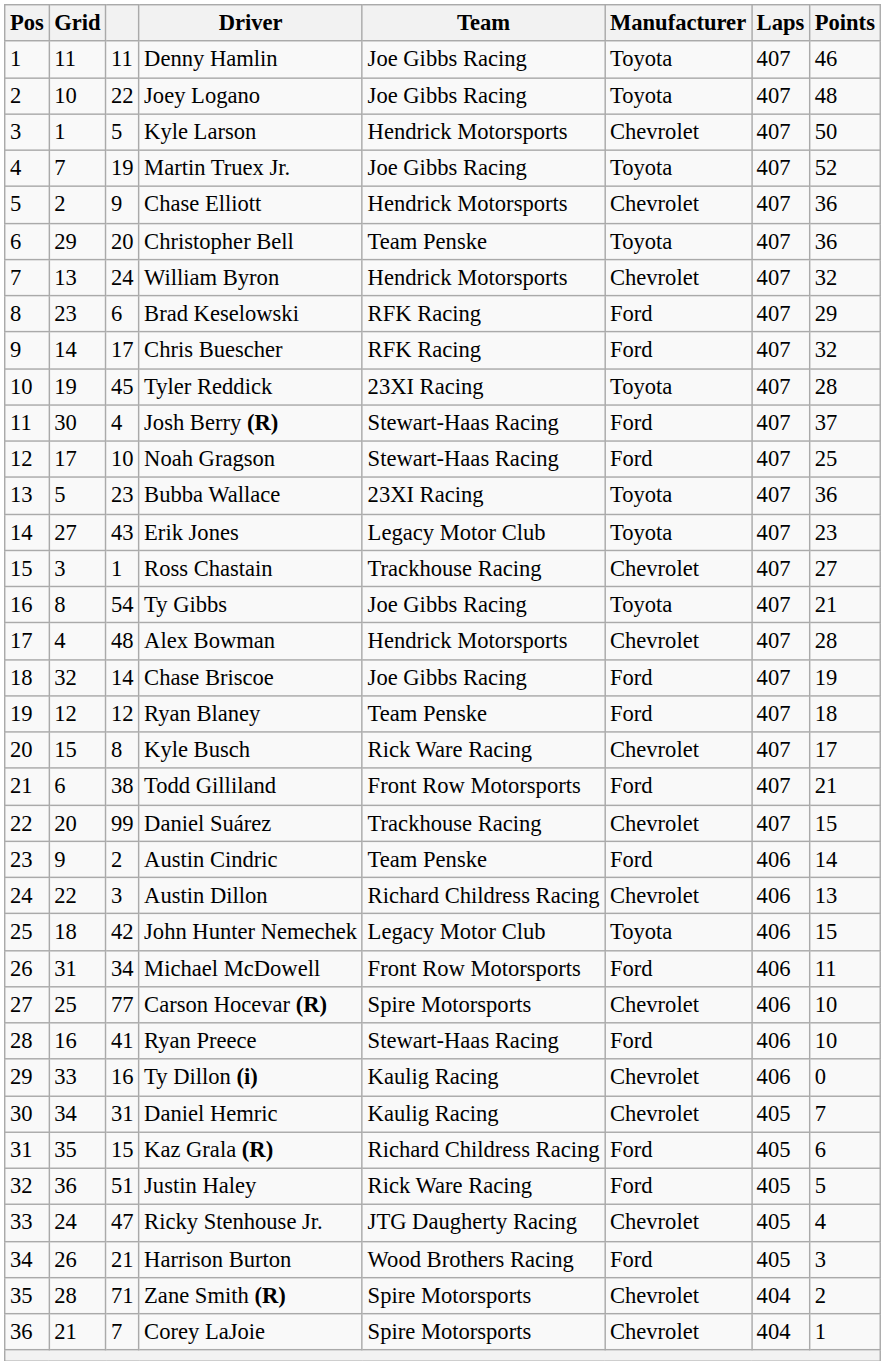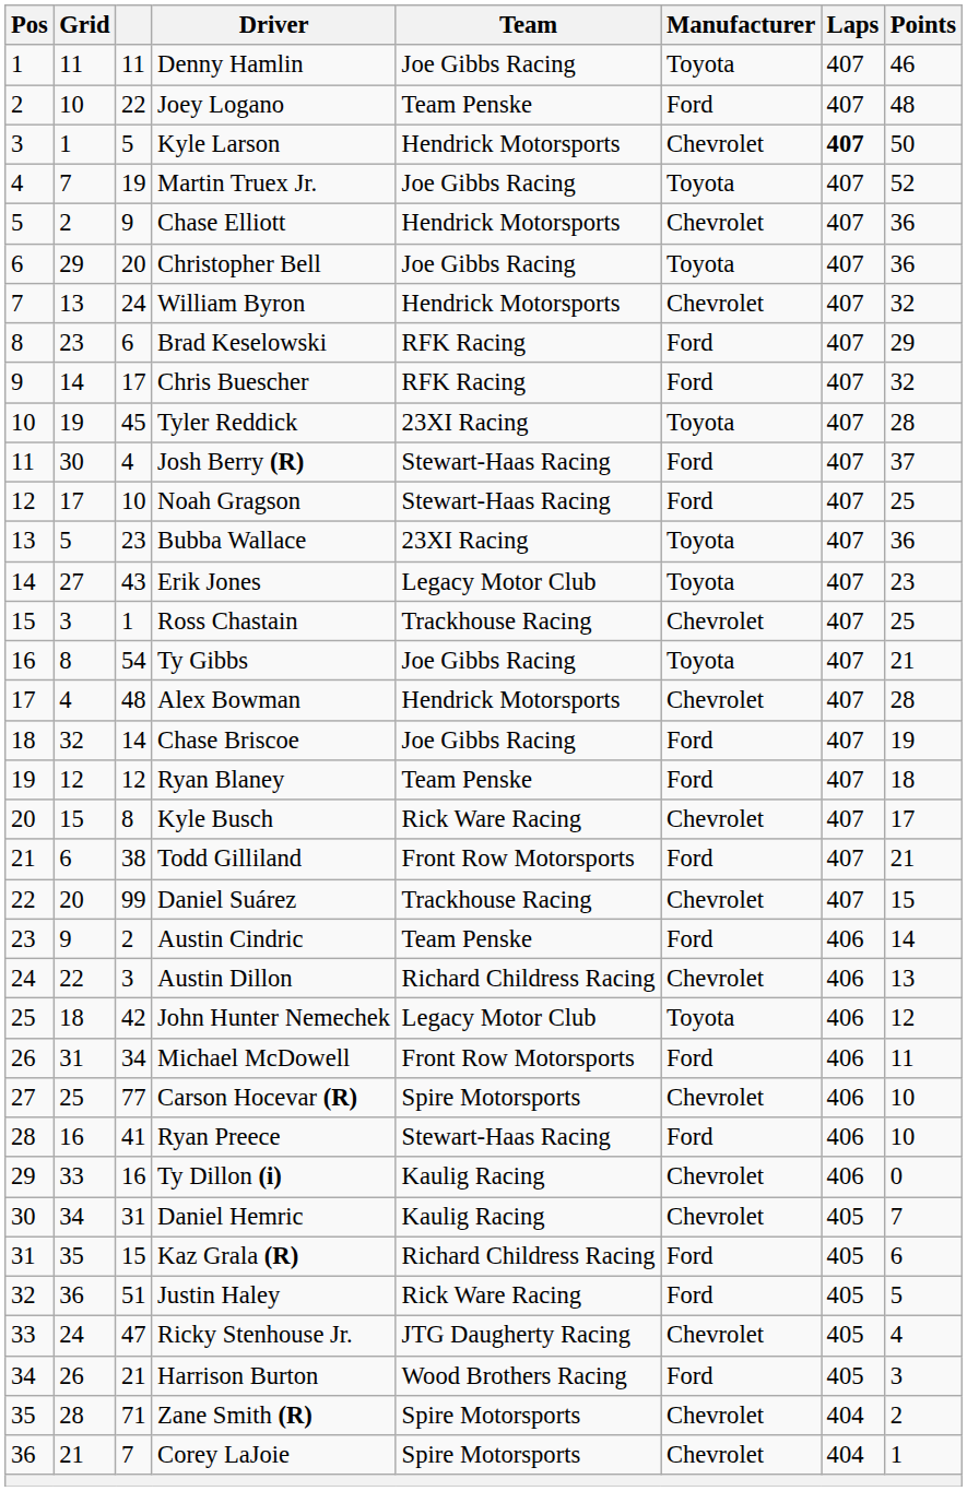 <table class="wikitable" style="font-size:98%">
 <tr>
 <th>Pos</th>
 <th>Grid</th>
 <th></th>
 <th>Driver</th>
 <th>Team</th>
 <th>Manufacturer</th>
 <th>Laps</th>
 <th>Points</th>
 </tr>
 <tr>
 <td>1</td>
 <td>11</td>
 <td>11</td>
 <td>Denny Hamlin</td>
 <td>Joe Gibbs Racing</td>
 <td>Toyota</td>
 <td>407</td>
 <td>46</td>
 </tr>
 <tr>
 <td>2</td>
 <td>10</td>
 <td>22</td>
 <td>Joey Logano</td>
-<td>Joe Gibbs Racing</td>
-<td>Toyota</td>
+<td>Team Penske</td>
+<td>Ford</td>
 <td>407</td>
 <td>48</td>
 </tr>
 <tr>
 <td>3</td>
 <td>1</td>
 <td>5</td>
 <td>Kyle Larson</td>
 <td>Hendrick Motorsports</td>
 <td>Chevrolet</td>
-<td>407</td>
+<td><strong>407</strong></td>
 <td>50</td>
 </tr>
 <tr>
 <td>4</td>
 <td>7</td>
 <td>19</td>
 <td>Martin Truex Jr.</td>
 <td>Joe Gibbs Racing</td>
 <td>Toyota</td>
 <td>407</td>
 <td>52</td>
 </tr>
 <tr>
 <td>5</td>
 <td>2</td>
 <td>9</td>
 <td>Chase Elliott</td>
 <td>Hendrick Motorsports</td>
 <td>Chevrolet</td>
 <td>407</td>
 <td>36</td>
 </tr>
 <tr>
 <td>6</td>
 <td>29</td>
 <td>20</td>
 <td>Christopher Bell</td>
-<td>Team Penske</td>
+<td>Joe Gibbs Racing</td>
 <td>Toyota</td>
 <td>407</td>
 <td>36</td>
 </tr>
 <tr>
 <td>7</td>
 <td>13</td>
 <td>24</td>
 <td>William Byron</td>
 <td>Hendrick Motorsports</td>
 <td>Chevrolet</td>
 <td>407</td>
 <td>32</td>
 </tr>
 <tr>
 <td>8</td>
 <td>23</td>
 <td>6</td>
 <td>Brad Keselowski</td>
 <td>RFK Racing</td>
 <td>Ford</td>
 <td>407</td>
 <td>29</td>
 </tr>
 <tr>
 <td>9</td>
 <td>14</td>
 <td>17</td>
 <td>Chris Buescher</td>
 <td>RFK Racing</td>
 <td>Ford</td>
 <td>407</td>
 <td>32</td>
 </tr>
 <tr>
 <td>10</td>
 <td>19</td>
 <td>45</td>
 <td>Tyler Reddick</td>
 <td>23XI Racing</td>
 <td>Toyota</td>
 <td>407</td>
 <td>28</td>
 </tr>
 <tr>
 <td>11</td>
 <td>30</td>
 <td>4</td>
 <td>Josh Berry <strong>(R)</strong></td>
 <td>Stewart-Haas Racing</td>
 <td>Ford</td>
 <td>407</td>
 <td>37</td>
 </tr>
 <tr>
 <td>12</td>
 <td>17</td>
 <td>10</td>
 <td>Noah Gragson</td>
 <td>Stewart-Haas Racing</td>
 <td>Ford</td>
 <td>407</td>
 <td>25</td>
 </tr>
 <tr>
 <td>13</td>
 <td>5</td>
 <td>23</td>
 <td>Bubba Wallace</td>
 <td>23XI Racing</td>
 <td>Toyota</td>
 <td>407</td>
 <td>36</td>
 </tr>
 <tr>
 <td>14</td>
 <td>27</td>
 <td>43</td>
 <td>Erik Jones</td>
 <td>Legacy Motor Club</td>
 <td>Toyota</td>
 <td>407</td>
 <td>23</td>
 </tr>
 <tr>
 <td>15</td>
 <td>3</td>
 <td>1</td>
 <td>Ross Chastain</td>
 <td>Trackhouse Racing</td>
 <td>Chevrolet</td>
 <td>407</td>
-<td>27</td>
+<td>25</td>
 </tr>
 <tr>
 <td>16</td>
 <td>8</td>
 <td>54</td>
 <td>Ty Gibbs</td>
 <td>Joe Gibbs Racing</td>
 <td>Toyota</td>
 <td>407</td>
 <td>21</td>
 </tr>
 <tr>
 <td>17</td>
 <td>4</td>
 <td>48</td>
 <td>Alex Bowman</td>
 <td>Hendrick Motorsports</td>
 <td>Chevrolet</td>
 <td>407</td>
 <td>28</td>
 </tr>
 <tr>
 <td>18</td>
 <td>32</td>
 <td>14</td>
 <td>Chase Briscoe</td>
 <td>Joe Gibbs Racing</td>
 <td>Ford</td>
 <td>407</td>
 <td>19</td>
 </tr>
 <tr>
 <td>19</td>
 <td>12</td>
 <td>12</td>
 <td>Ryan Blaney</td>
 <td>Team Penske</td>
 <td>Ford</td>
 <td>407</td>
 <td>18</td>
 </tr>
 <tr>
 <td>20</td>
 <td>15</td>
 <td>8</td>
 <td>Kyle Busch</td>
 <td>Rick Ware Racing</td>
 <td>Chevrolet</td>
 <td>407</td>
 <td>17</td>
 </tr>
 <tr>
 <td>21</td>
 <td>6</td>
 <td>38</td>
 <td>Todd Gilliland</td>
 <td>Front Row Motorsports</td>
 <td>Ford</td>
 <td>407</td>
 <td>21</td>
 </tr>
 <tr>
 <td>22</td>
 <td>20</td>
 <td>99</td>
 <td>Daniel Suárez</td>
 <td>Trackhouse Racing</td>
 <td>Chevrolet</td>
 <td>407</td>
 <td>15</td>
 </tr>
 <tr>
 <td>23</td>
 <td>9</td>
 <td>2</td>
 <td>Austin Cindric</td>
 <td>Team Penske</td>
 <td>Ford</td>
 <td>406</td>
 <td>14</td>
 </tr>
 <tr>
 <td>24</td>
 <td>22</td>
 <td>3</td>
 <td>Austin Dillon</td>
 <td>Richard Childress Racing</td>
 <td>Chevrolet</td>
 <td>406</td>
 <td>13</td>
 </tr>
 <tr>
 <td>25</td>
 <td>18</td>
 <td>42</td>
 <td>John Hunter Nemechek</td>
 <td>Legacy Motor Club</td>
 <td>Toyota</td>
 <td>406</td>
-<td>15</td>
+<td>12</td>
 </tr>
 <tr>
 <td>26</td>
 <td>31</td>
 <td>34</td>
 <td>Michael McDowell</td>
 <td>Front Row Motorsports</td>
 <td>Ford</td>
 <td>406</td>
 <td>11</td>
 </tr>
 <tr>
 <td>27</td>
 <td>25</td>
 <td>77</td>
 <td>Carson Hocevar <strong>(R)</strong></td>
 <td>Spire Motorsports</td>
 <td>Chevrolet</td>
 <td>406</td>
 <td>10</td>
 </tr>
 <tr>
 <td>28</td>
 <td>16</td>
 <td>41</td>
 <td>Ryan Preece</td>
 <td>Stewart-Haas Racing</td>
 <td>Ford</td>
 <td>406</td>
 <td>10</td>
 </tr>
 <tr>
 <td>29</td>
 <td>33</td>
 <td>16</td>
 <td>Ty Dillon <strong>(i)</strong></td>
 <td>Kaulig Racing</td>
 <td>Chevrolet</td>
 <td>406</td>
 <td>0</td>
 </tr>
 <tr>
 <td>30</td>
 <td>34</td>
 <td>31</td>
 <td>Daniel Hemric</td>
 <td>Kaulig Racing</td>
 <td>Chevrolet</td>
 <td>405</td>
 <td>7</td>
 </tr>
 <tr>
 <td>31</td>
 <td>35</td>
 <td>15</td>
 <td>Kaz Grala <strong>(R)</strong></td>
 <td>Richard Childress Racing</td>
 <td>Ford</td>
 <td>405</td>
 <td>6</td>
 </tr>
 <tr>
 <td>32</td>
 <td>36</td>
 <td>51</td>
 <td>Justin Haley</td>
 <td>Rick Ware Racing</td>
 <td>Ford</td>
 <td>405</td>
 <td>5</td>
 </tr>
 <tr>
 <td>33</td>
 <td>24</td>
 <td>47</td>
 <td>Ricky Stenhouse Jr.</td>
 <td>JTG Daugherty Racing</td>
 <td>Chevrolet</td>
 <td>405</td>
 <td>4</td>
 </tr>
 <tr>
 <td>34</td>
 <td>26</td>
 <td>21</td>
 <td>Harrison Burton</td>
 <td>Wood Brothers Racing</td>
 <td>Ford</td>
 <td>405</td>
 <td>3</td>
 </tr>
 <tr>
 <td>35</td>
 <td>28</td>
 <td>71</td>
 <td>Zane Smith <strong>(R)</strong></td>
 <td>Spire Motorsports</td>
 <td>Chevrolet</td>
 <td>404</td>
 <td>2</td>
 </tr>
 <tr>
 <td>36</td>
 <td>21</td>
 <td>7</td>
 <td>Corey LaJoie</td>
 <td>Spire Motorsports</td>
 <td>Chevrolet</td>
 <td>404</td>
 <td>1</td>
 </tr>
 <tr>
 <th colspan="8"></th>
 </tr>
 </table>
